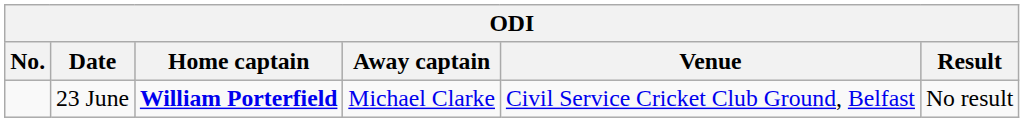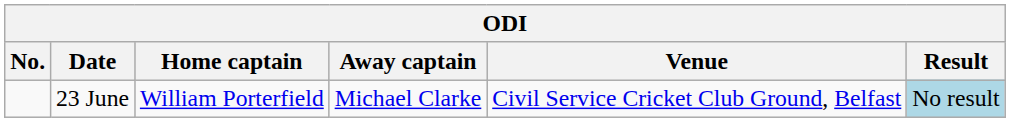 <table class="wikitable">
 <tr>
 <th colspan="9">ODI</th>
 </tr>
 <tr>
 <th>No.</th>
 <th>Date</th>
 <th>Home captain</th>
 <th>Away captain</th>
 <th>Venue</th>
 <th>Result</th>
 </tr>
 <tr>
 <td></td>
 <td>23 June</td>
-<td><strong><a href='#'>William Porterfield</a></strong></td>
+<td><a href='#'>William Porterfield</a></td>
 <td><a href='#'>Michael Clarke</a></td>
 <td><a href='#'>Civil Service Cricket Club Ground</a>, <a href='#'>Belfast</a></td>
-<td>No result</td>
+<td style="background: lightblue;">No result</td>
 </tr>
 </table>
